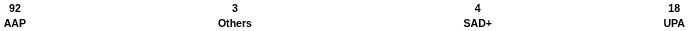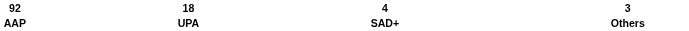 <table style="width:100%; text-align:center;">
 <tr>
 <td style="background:"><strong>92</strong></td>
+<td style="background: "><strong>18</strong></td>
+<td style="background: "><strong>4</strong></td>
 <td style="background: "><strong>3</strong></td>
-<td style="background: "><strong>4</strong></td>
-<td style="background: "><strong>18</strong></td>
 </tr>
 <tr>
 <td><span><strong>AAP</strong></span></td>
+<td><span><strong>UPA</strong></span></td>
+<td><span><strong>SAD+</strong></span></td>
 <td><span><strong>Others</strong></span></td>
-<td><span><strong>SAD+</strong></span></td>
-<td><span><strong>UPA</strong></span></td>
 </tr>
 </table>
